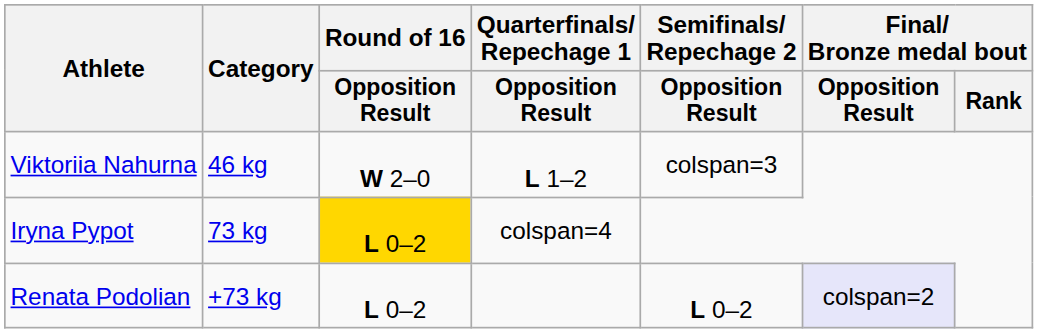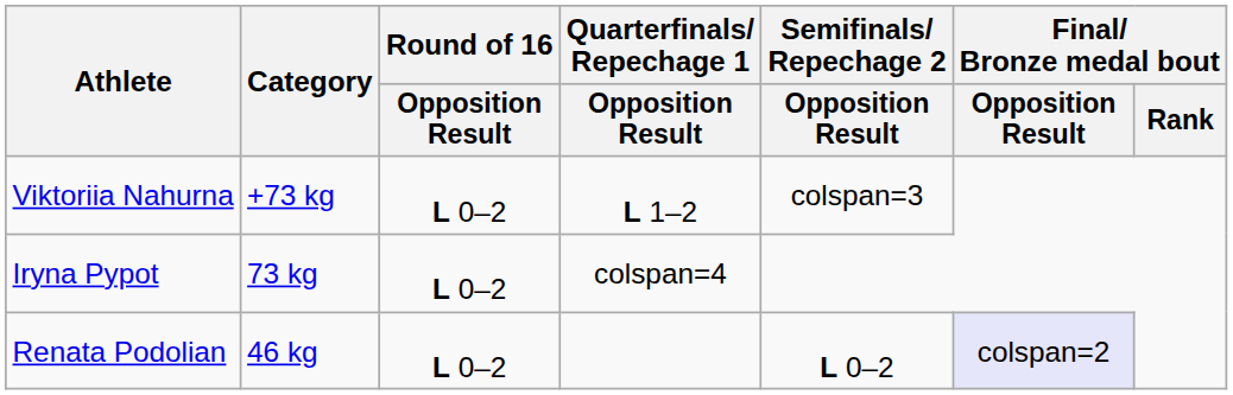 <table class="wikitable" style="text-align:center; font-size:90%">
 <tr>
 <th rowspan=2>Athlete</th>
 <th rowspan=2>Category</th>
 <th>Round of 16</th>
 <th>Quarterfinals/<br>Repechage 1</th>
 <th>Semifinals/<br>Repechage 2</th>
 <th colspan=2>Final/<br>Bronze medal bout</th>
 </tr>
 <tr style="font-size:95%">
 <th>Opposition<br>Result</th>
 <th>Opposition<br>Result</th>
 <th>Opposition<br>Result</th>
 <th>Opposition<br>Result</th>
 <th>Rank</th>
 </tr>
 <tr>
 <td align=left><a href='#'>Viktoriia Nahurna</a></td>
-<td align=left><a href='#'>46 kg</a></td>
-<td><br><strong>W</strong> 2–0</td>
+<td align=left><a href='#'>+73 kg</a></td>
+<td><br><strong>L</strong> 0–2</td>
 <td><br><strong>L</strong> 1–2</td>
 <td>colspan=3 </td>
 </tr>
 <tr>
 <td align=left><a href='#'>Iryna Pypot</a></td>
 <td align=left><a href='#'>73 kg</a></td>
-<td style="background: gold;"><br><strong>L</strong> 0–2</td>
+<td><br><strong>L</strong> 0–2</td>
 <td>colspan=4 </td>
 </tr>
 <tr>
 <td align=left><a href='#'>Renata Podolian</a></td>
-<td align=left><a href='#'>+73 kg</a></td>
+<td align=left><a href='#'>46 kg</a></td>
 <td><br><strong>L</strong> 0–2</td>
 <td></td>
 <td><br><strong>L</strong> 0–2</td>
 <td style="background: lavender;">colspan=2 </td>
 </tr>
 </table>
